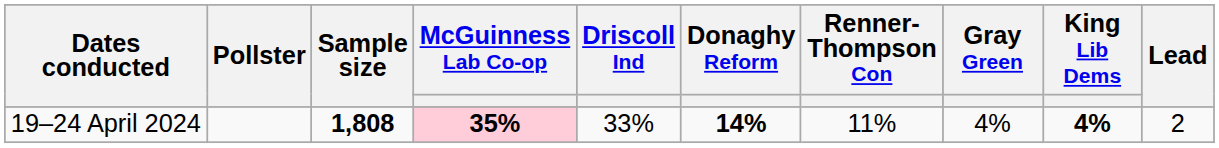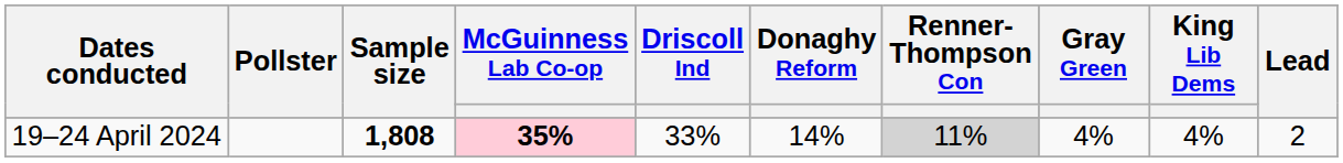 <table class="wikitable sortable mw-datatable" style="text-align:center;font-size:90%;line-height:14px;">
 <tr>
 <th rowspan="2">Dates<br>conducted</th>
 <th rowspan="2">Pollster</th>
 <th rowspan="2" data-sort-type="number">Sample<br>size</th>
 <th class="unsortable" style="width:50px;"><a href='#'>McGuinness</a><br><small><a href='#'>Lab Co-op</a></small></th>
 <th class="unsortable" style="width:50px;"><a href='#'>Driscoll</a><br><small><a href='#'>Ind</a></small></th>
 <th class="unsortable" style="width:50px;">Donaghy<br><small><a href='#'>Reform</a></small></th>
 <th class="unsortable" style="width:50px;">Renner-Thompson<br><small><a href='#'>Con</a></small></th>
 <th class="unsortable" style="width:50px;">Gray<br><small><a href='#'>Green</a></small></th>
 <th class="unsortable" style="width:50px;">King<br><small><a href='#'>Lib Dems</a></small></th>
 <th rowspan="2" data-sort-type="number">Lead</th>
 </tr>
 <tr>
 <th data-sort-type="number" style="background:"></th>
 <th data-sort-type="number" style="background:"></th>
 <th data-sort-type="number" style="background:"></th>
 <th data-sort-type="number" style="background:"></th>
 <th data-sort-type="number" style="background:"></th>
 <th data-sort-type="number" style="background:"></th>
 </tr>
 <tr>
 <td>19–24 April 2024</td>
 <td></td>
 <td><strong>1,808</strong></td>
 <td style="background:#FFCCD9;"><strong>35%</strong></td>
 <td>33%</td>
-<td><strong>14%</strong></td>
-<td>11%</td>
+<td>14%</td>
+<td style="background: lightgrey;">11%</td>
 <td>4%</td>
-<td><strong>4%</strong></td>
+<td>4%</td>
 <td style="background:">2</td>
 </tr>
 </table>
